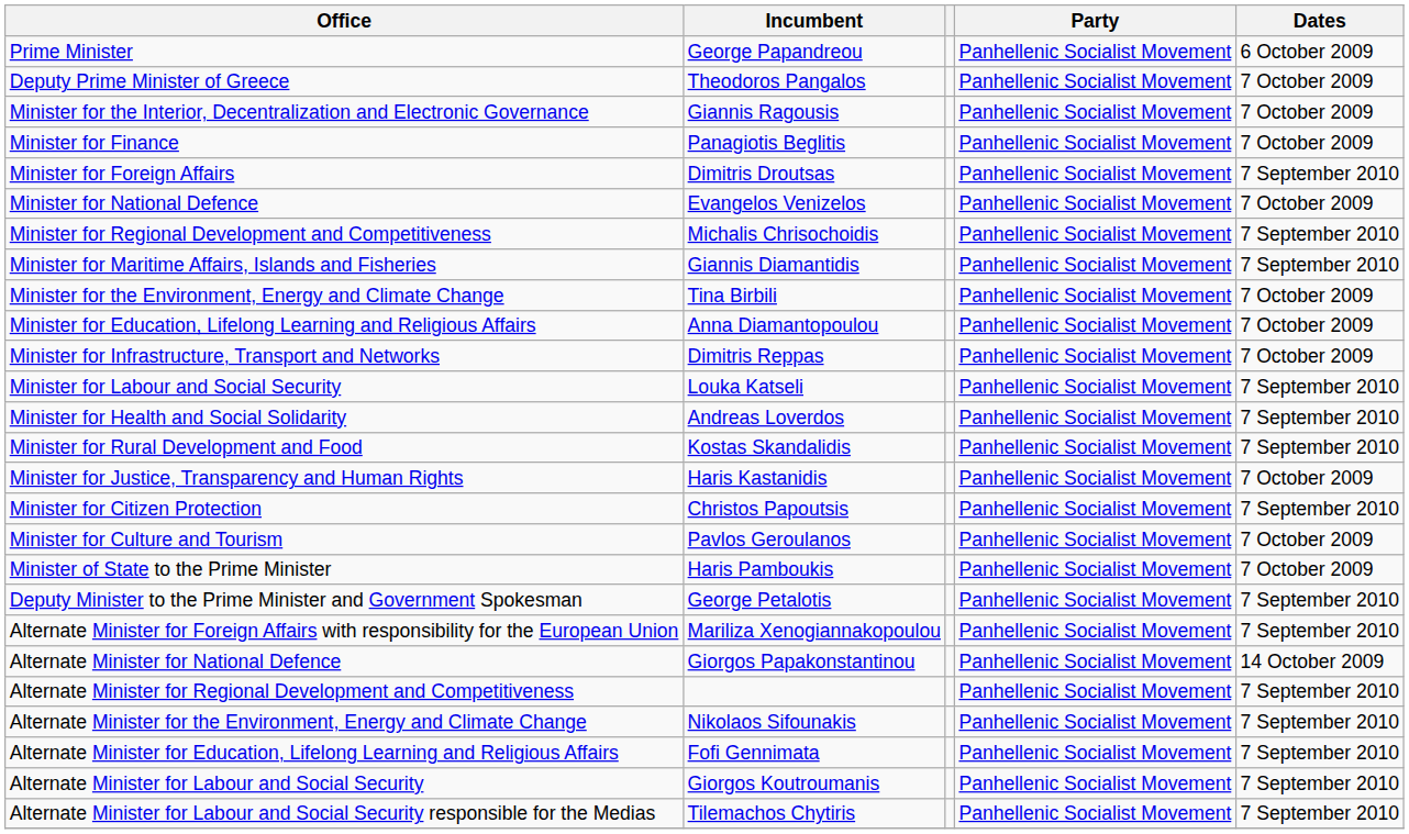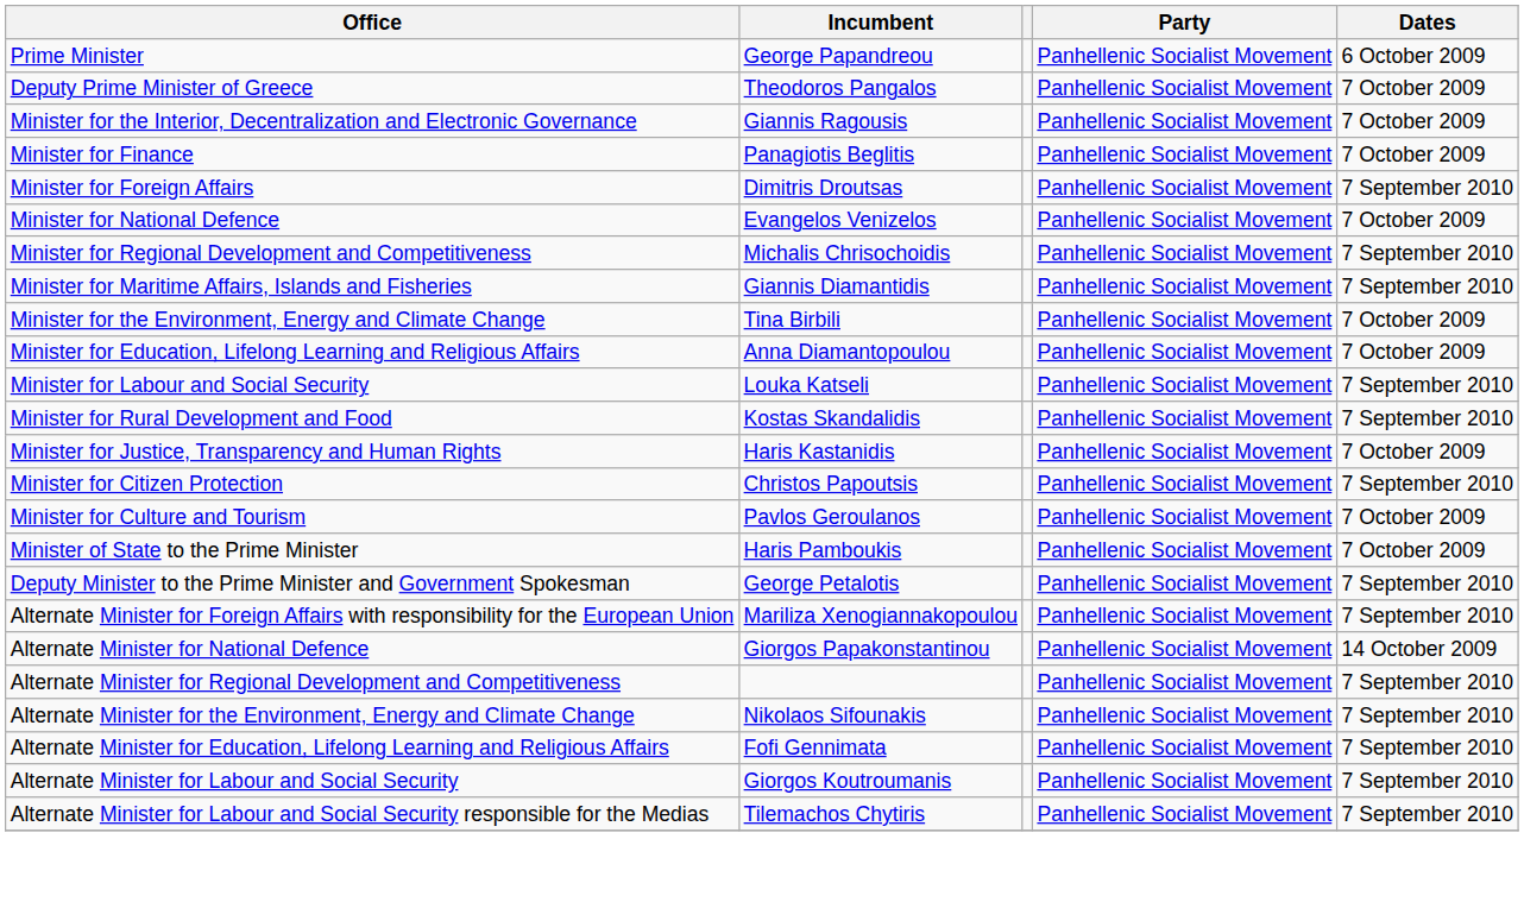 <table class="wikitable" style="font-size: 90%;">
 <tr>
 <th>Office</th>
 <th>Incumbent</th>
 <th></th>
 <th>Party</th>
 <th>Dates</th>
 </tr>
 <tr>
 <td><a href='#'>Prime Minister</a></td>
 <td><a href='#'>George Papandreou</a></td>
 <td style="background-color: "></td>
 <td><a href='#'>Panhellenic Socialist Movement</a></td>
 <td>6 October 2009</td>
 </tr>
 <tr>
 <td><a href='#'>Deputy Prime Minister of Greece</a></td>
 <td><a href='#'>Theodoros Pangalos</a></td>
 <td style="background-color: "></td>
 <td><a href='#'>Panhellenic Socialist Movement</a></td>
 <td>7 October 2009</td>
 </tr>
 <tr>
 <td><a href='#'>Minister for the Interior, Decentralization and Electronic Governance</a></td>
 <td><a href='#'>Giannis Ragousis</a></td>
 <td style="background-color: "></td>
 <td><a href='#'>Panhellenic Socialist Movement</a></td>
 <td>7 October 2009</td>
 </tr>
 <tr>
 <td><a href='#'>Minister for Finance</a></td>
 <td><a href='#'>Panagiotis Beglitis</a></td>
 <td style="background-color: "></td>
 <td><a href='#'>Panhellenic Socialist Movement</a></td>
 <td>7 October 2009</td>
 </tr>
 <tr>
 <td><a href='#'>Minister for Foreign Affairs</a></td>
 <td><a href='#'>Dimitris Droutsas</a></td>
 <td style="background-color: "></td>
 <td><a href='#'>Panhellenic Socialist Movement</a></td>
 <td>7 September 2010</td>
 </tr>
 <tr>
 <td><a href='#'>Minister for National Defence</a></td>
 <td><a href='#'>Evangelos Venizelos</a></td>
 <td style="background-color: "></td>
 <td><a href='#'>Panhellenic Socialist Movement</a></td>
 <td>7 October 2009</td>
 </tr>
 <tr>
 <td><a href='#'>Minister for Regional Development and Competitiveness</a></td>
 <td><a href='#'>Michalis Chrisochoidis</a></td>
 <td style="background-color: "></td>
 <td><a href='#'>Panhellenic Socialist Movement</a></td>
 <td>7 September 2010</td>
 </tr>
 <tr>
 <td><a href='#'>Minister for Maritime Affairs, Islands and Fisheries</a></td>
 <td><a href='#'>Giannis Diamantidis</a></td>
 <td style="background-color: "></td>
 <td><a href='#'>Panhellenic Socialist Movement</a></td>
 <td>7 September 2010</td>
 </tr>
 <tr>
 <td><a href='#'>Minister for the Environment, Energy and Climate Change</a></td>
 <td><a href='#'>Tina Birbili</a></td>
 <td style="background-color: "></td>
 <td><a href='#'>Panhellenic Socialist Movement</a></td>
 <td>7 October 2009</td>
 </tr>
 <tr>
 <td><a href='#'>Minister for Education, Lifelong Learning and Religious Affairs</a></td>
 <td><a href='#'>Anna Diamantopoulou</a></td>
 <td style="background-color: "></td>
 <td><a href='#'>Panhellenic Socialist Movement</a></td>
 <td>7 October 2009</td>
 </tr>
 <tr>
-<td><a href='#'>Minister for Infrastructure, Transport and Networks</a></td>
-<td><a href='#'>Dimitris Reppas</a></td>
-<td style="background-color: "></td>
-<td><a href='#'>Panhellenic Socialist Movement</a></td>
-<td>7 October 2009</td>
-</tr>
-<tr>
 <td><a href='#'>Minister for Labour and Social Security</a></td>
 <td><a href='#'>Louka Katseli</a></td>
-<td style="background-color: "></td>
-<td><a href='#'>Panhellenic Socialist Movement</a></td>
-<td>7 September 2010</td>
-</tr>
-<tr>
-<td><a href='#'>Minister for Health and Social Solidarity</a></td>
-<td><a href='#'>Andreas Loverdos</a></td>
 <td style="background-color: "></td>
 <td><a href='#'>Panhellenic Socialist Movement</a></td>
 <td>7 September 2010</td>
 </tr>
 <tr>
 <td><a href='#'>Minister for Rural Development and Food</a></td>
 <td><a href='#'>Kostas Skandalidis</a></td>
 <td style="background-color: "></td>
 <td><a href='#'>Panhellenic Socialist Movement</a></td>
 <td>7 September 2010</td>
 </tr>
 <tr>
 <td><a href='#'>Minister for Justice, Transparency and Human Rights</a></td>
 <td><a href='#'>Haris Kastanidis</a></td>
 <td style="background-color: "></td>
 <td><a href='#'>Panhellenic Socialist Movement</a></td>
 <td>7 October 2009</td>
 </tr>
 <tr>
 <td><a href='#'>Minister for Citizen Protection</a></td>
 <td><a href='#'>Christos Papoutsis</a></td>
 <td style="background-color: "></td>
 <td><a href='#'>Panhellenic Socialist Movement</a></td>
 <td>7 September 2010</td>
 </tr>
 <tr>
 <td><a href='#'>Minister for Culture and Tourism</a></td>
 <td><a href='#'>Pavlos Geroulanos</a></td>
 <td style="background-color: "></td>
 <td><a href='#'>Panhellenic Socialist Movement</a></td>
 <td>7 October 2009</td>
 </tr>
 <tr>
 <td><a href='#'>Minister of State</a> to the Prime Minister</td>
 <td><a href='#'>Haris Pamboukis</a></td>
 <td style="background-color: "></td>
 <td><a href='#'>Panhellenic Socialist Movement</a></td>
 <td>7 October 2009</td>
 </tr>
 <tr>
 <td><a href='#'>Deputy Minister</a> to the Prime Minister and <a href='#'>Government</a> Spokesman</td>
 <td><a href='#'>George Petalotis</a></td>
 <td style="background-color: "></td>
 <td><a href='#'>Panhellenic Socialist Movement</a></td>
 <td>7 September 2010</td>
 </tr>
 <tr>
 <td>Alternate <a href='#'>Minister for Foreign Affairs</a> with responsibility for the <a href='#'>European Union</a></td>
 <td><a href='#'>Mariliza Xenogiannakopoulou</a></td>
 <td style="background-color: "></td>
 <td><a href='#'>Panhellenic Socialist Movement</a></td>
 <td>7 September 2010</td>
 </tr>
 <tr>
 <td>Alternate <a href='#'>Minister for National Defence</a></td>
 <td><a href='#'>Giorgos Papakonstantinou</a></td>
 <td style="background-color: "></td>
 <td><a href='#'>Panhellenic Socialist Movement</a></td>
 <td>14 October 2009</td>
 </tr>
 <tr>
 <td>Alternate <a href='#'>Minister for Regional Development and Competitiveness</a></td>
 <td></td>
 <td style="background-color: "></td>
 <td><a href='#'>Panhellenic Socialist Movement</a></td>
 <td>7 September 2010</td>
 </tr>
 <tr>
 <td>Alternate <a href='#'>Minister for the Environment, Energy and Climate Change</a></td>
 <td><a href='#'>Nikolaos Sifounakis</a></td>
 <td style="background-color: "></td>
 <td><a href='#'>Panhellenic Socialist Movement</a></td>
 <td>7 September 2010</td>
 </tr>
 <tr>
 <td>Alternate <a href='#'>Minister for Education, Lifelong Learning and Religious Affairs</a></td>
 <td><a href='#'>Fofi Gennimata</a></td>
 <td style="background-color: "></td>
 <td><a href='#'>Panhellenic Socialist Movement</a></td>
 <td>7 September 2010</td>
 </tr>
 <tr>
 <td>Alternate <a href='#'>Minister for Labour and Social Security</a></td>
 <td><a href='#'>Giorgos Koutroumanis</a></td>
 <td style="background-color: "></td>
 <td><a href='#'>Panhellenic Socialist Movement</a></td>
 <td>7 September 2010</td>
 </tr>
 <tr>
 <td>Alternate <a href='#'>Minister for Labour and Social Security</a> responsible for the Medias</td>
 <td><a href='#'>Tilemachos Chytiris</a></td>
 <td style="background-color: "></td>
 <td><a href='#'>Panhellenic Socialist Movement</a></td>
 <td>7 September 2010</td>
 </tr>
 <tr>
 </tr>
 </table>
